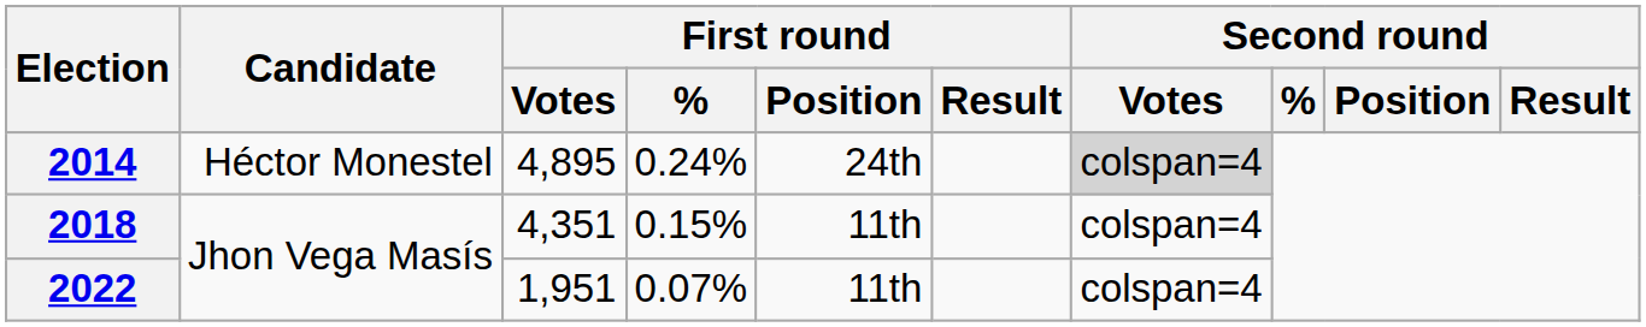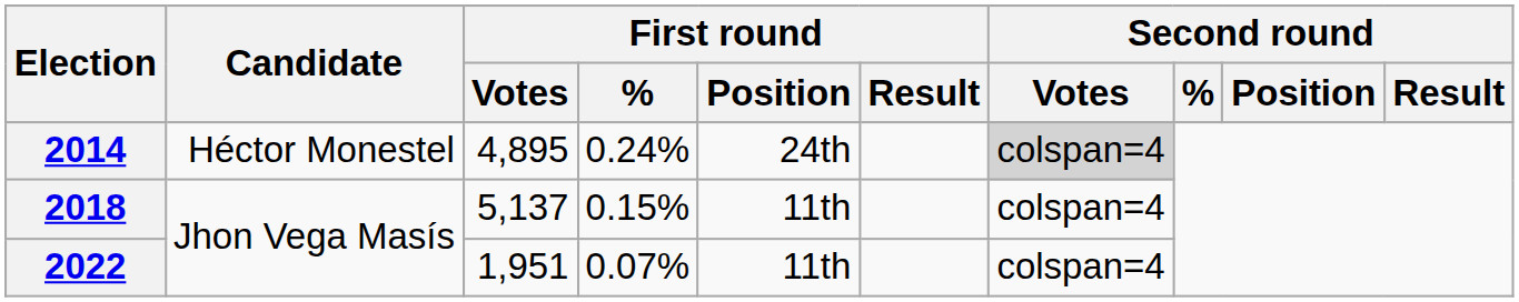 <table class=wikitable style="text-align: right;">
 <tr>
 <th rowspan=2>Election</th>
 <th rowspan=2>Candidate</th>
 <th colspan=4>First round</th>
 <th colspan=4>Second round</th>
 </tr>
 <tr>
 <th>Votes</th>
 <th>%</th>
 <th>Position</th>
 <th>Result</th>
 <th>Votes</th>
 <th>%</th>
 <th>Position</th>
 <th>Result</th>
 </tr>
 <tr>
 <th><a href='#'>2014</a></th>
 <td>Héctor Monestel</td>
 <td>4,895</td>
 <td>0.24%</td>
 <td> 24th</td>
 <td></td>
 <td style="background: lightgrey;">colspan=4 </td>
 </tr>
 <tr>
 <th><a href='#'>2018</a></th>
 <td rowspan="2">Jhon Vega Masís</td>
-<td>4,351</td>
+<td>5,137</td>
 <td>0.15%</td>
 <td> 11th</td>
 <td></td>
 <td>colspan=4 </td>
 </tr>
 <tr>
 <th><a href='#'>2022</a></th>
 <td>1,951</td>
 <td>0.07%</td>
 <td>11th</td>
 <td></td>
 <td>colspan=4 </td>
 </tr>
 </table>
